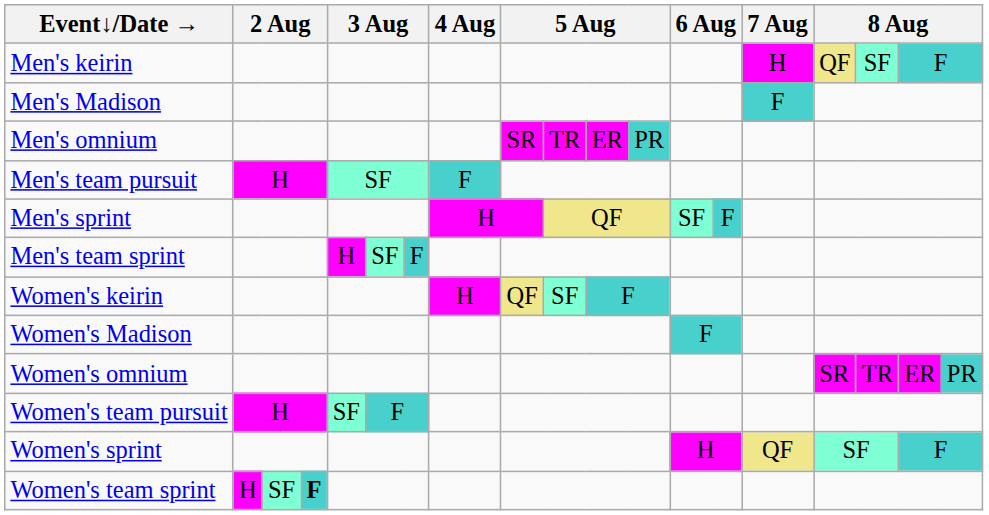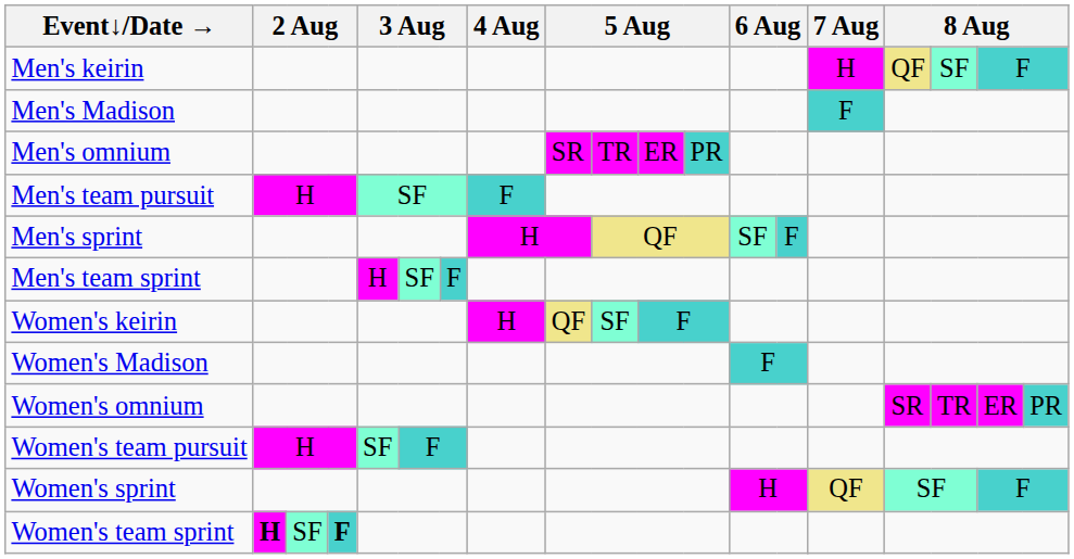 <table class="wikitable olympic-schedule cycling">
 <tr>
 <th>Event↓/Date →</th>
 <th colspan="3">2 Aug</th>
 <th colspan="3">3 Aug</th>
 <th>4 Aug</th>
 <th colspan="4">5 Aug</th>
 <th colspan="2">6 Aug</th>
 <th colspan="2">7 Aug</th>
 <th colspan="4">8 Aug</th>
 </tr>
 <tr>
 <td class="event"><a href='#'>Men's keirin</a></td>
 <td colspan="3"></td>
 <td colspan="3"></td>
 <td></td>
 <td colspan="4"></td>
 <td colspan="2"></td>
 <td bgcolor="#FF00FF" colspan="2" align=center class="heat">H</td>
 <td bgcolor="#F0E68C" align=center class="quarterfinals">QF</td>
 <td bgcolor="#7FFFD4" align=center class="semifinal">SF</td>
 <td bgcolor="#48D1CC" colspan="2" align=center class="finals">F</td>
 </tr>
 <tr>
 <td class="event"><a href='#'>Men's Madison</a></td>
 <td colspan="3"></td>
 <td colspan="3"></td>
 <td></td>
 <td colspan="4"></td>
 <td colspan="2"></td>
 <td bgcolor="#48D1CC" colspan="2" align=center class="finals">F</td>
 <td colspan="4"></td>
 </tr>
 <tr>
 <td class="event"><a href='#'>Men's omnium</a></td>
 <td colspan="3"></td>
 <td colspan="3"></td>
 <td></td>
 <td bgcolor="#FF00FF">SR</td>
 <td bgcolor="#FF00FF">TR</td>
 <td bgcolor="#FF00FF">ER</td>
 <td bgcolor="#48D1CC">PR</td>
 <td colspan="2"></td>
 <td colspan="2"></td>
 <td colspan="4"></td>
 </tr>
 <tr>
 <td class="event"><a href='#'>Men's team pursuit</a></td>
 <td bgcolor="#FF00FF" colspan="3" align=center class="heat">H</td>
 <td bgcolor="#7FFFD4" colspan="3" align=center class="semifinal">SF</td>
 <td bgcolor="#48D1CC" align=center class="finals">F</td>
 <td colspan="4"></td>
 <td colspan="2"></td>
 <td colspan="2"></td>
 <td colspan="4"></td>
 </tr>
 <tr>
 <td class="event"><a href='#'>Men's sprint</a></td>
 <td colspan="3"></td>
 <td colspan="3"></td>
 <td bgcolor="#FF00FF" colspan="2" align=center class="heat">H</td>
 <td bgcolor="#F0E68C" colspan="3"  align=center class="quarterfinals">QF</td>
 <td bgcolor="#7FFFD4" align=center class="semifinal">SF</td>
 <td bgcolor="#48D1CC" align=center class="finals">F</td>
 <td colspan="2"></td>
 <td colspan="4"></td>
 </tr>
 <tr>
 <td class="event"><a href='#'>Men's team sprint</a></td>
 <td colspan="3"></td>
 <td bgcolor="#FF00FF" align=center class="heat">H</td>
 <td bgcolor="#7FFFD4" align=center class="semifinal">SF</td>
 <td bgcolor="#48D1CC" align=center class="finals">F</td>
 <td></td>
 <td colspan="4"></td>
 <td colspan="2"></td>
 <td colspan="2"></td>
 <td colspan="4"></td>
 </tr>
 <tr>
 <td class="event"><a href='#'>Women's keirin</a></td>
 <td colspan="3"></td>
 <td colspan="3"></td>
 <td bgcolor="#FF00FF" align=center class="heat">H</td>
 <td bgcolor="#F0E68C" align=center class="quarterfinals">QF</td>
 <td bgcolor="#7FFFD4" align=center class="semifinal">SF</td>
 <td bgcolor="#48D1CC" align=center colspan="2" class="finals">F</td>
 <td colspan="2"></td>
 <td colspan="2"></td>
 <td colspan="4"></td>
 </tr>
 <tr>
 <td class="event"><a href='#'>Women's Madison</a></td>
 <td colspan="3"></td>
 <td colspan="3"></td>
 <td></td>
 <td colspan="4"></td>
 <td bgcolor="#48D1CC" colspan="2" align=center class="finals">F</td>
 <td colspan="2"></td>
 <td colspan="4"></td>
 </tr>
 <tr>
 <td class="event"><a href='#'>Women's omnium</a></td>
 <td colspan="3"></td>
 <td colspan="3"></td>
 <td></td>
 <td colspan="4"></td>
 <td colspan="2"></td>
 <td colspan="2"></td>
 <td bgcolor="#FF00FF">SR</td>
 <td bgcolor="#FF00FF">TR</td>
 <td bgcolor="#FF00FF">ER</td>
 <td bgcolor="#48D1CC">PR</td>
 </tr>
 <tr>
 <td class="event"><a href='#'>Women's team pursuit</a></td>
 <td bgcolor="#FF00FF" colspan="3" align=center class="heat">H</td>
 <td bgcolor="#7FFFD4" align=center class="semifinal">SF</td>
 <td bgcolor="#48D1CC" colspan="2" align=center class="finals">F</td>
 <td></td>
 <td colspan="4"></td>
 <td colspan="2"></td>
 <td colspan="2"></td>
 <td colspan="4"></td>
 </tr>
 <tr>
 <td class="event"><a href='#'>Women's sprint</a></td>
 <td colspan="3"></td>
 <td colspan="3"></td>
 <td></td>
 <td colspan="4"></td>
 <td bgcolor="#FF00FF" colspan="3" align=center class="heat">H</td>
 <td bgcolor="#F0E68C" align=center class="quarterfinals">QF</td>
 <td bgcolor="#7FFFD4" colspan="2" align=center class="semifinal">SF</td>
 <td bgcolor="#48D1CC" colspan="2" align=center class="finals">F</td>
 </tr>
 <tr>
 <td class="event"><a href='#'>Women's team sprint</a></td>
-<td bgcolor="#FF00FF" align=center class="heat">H</td>
+<td bgcolor="#FF00FF" align=center class="heat"><strong>H</strong></td>
 <td bgcolor="#7FFFD4" align=center class="semifinal">SF</td>
 <td bgcolor="#48D1CC" align=center class="finals"><strong>F</strong></td>
 <td colspan="3"></td>
 <td></td>
 <td colspan="4"></td>
 <td colspan="2"></td>
 <td colspan="2"></td>
 <td colspan="4"></td>
 </tr>
 </table>
